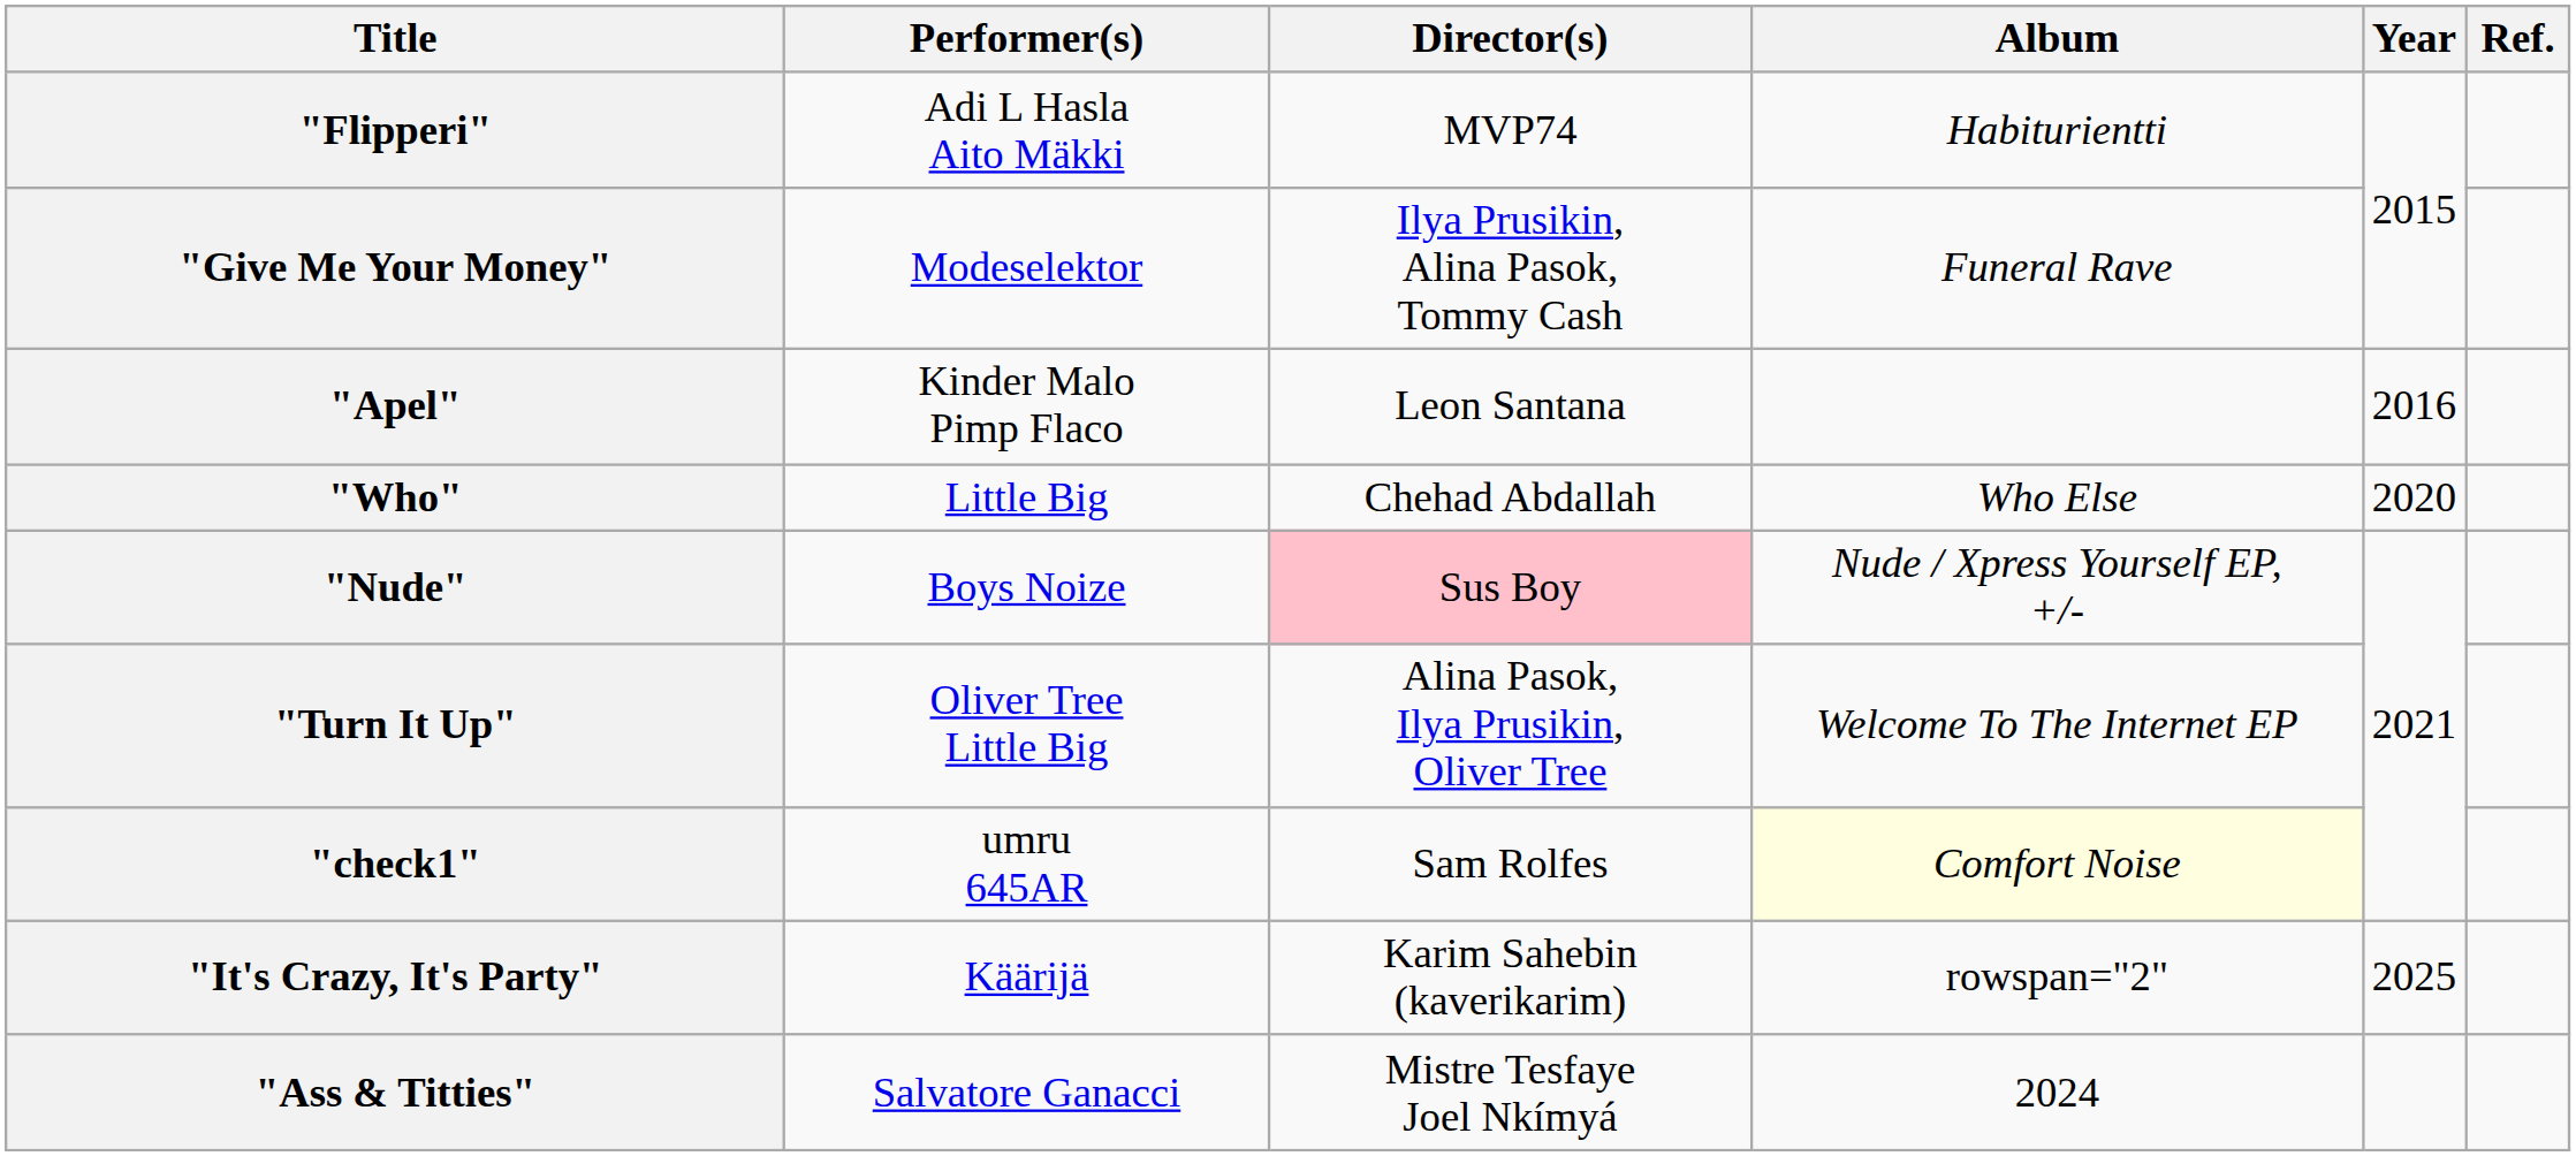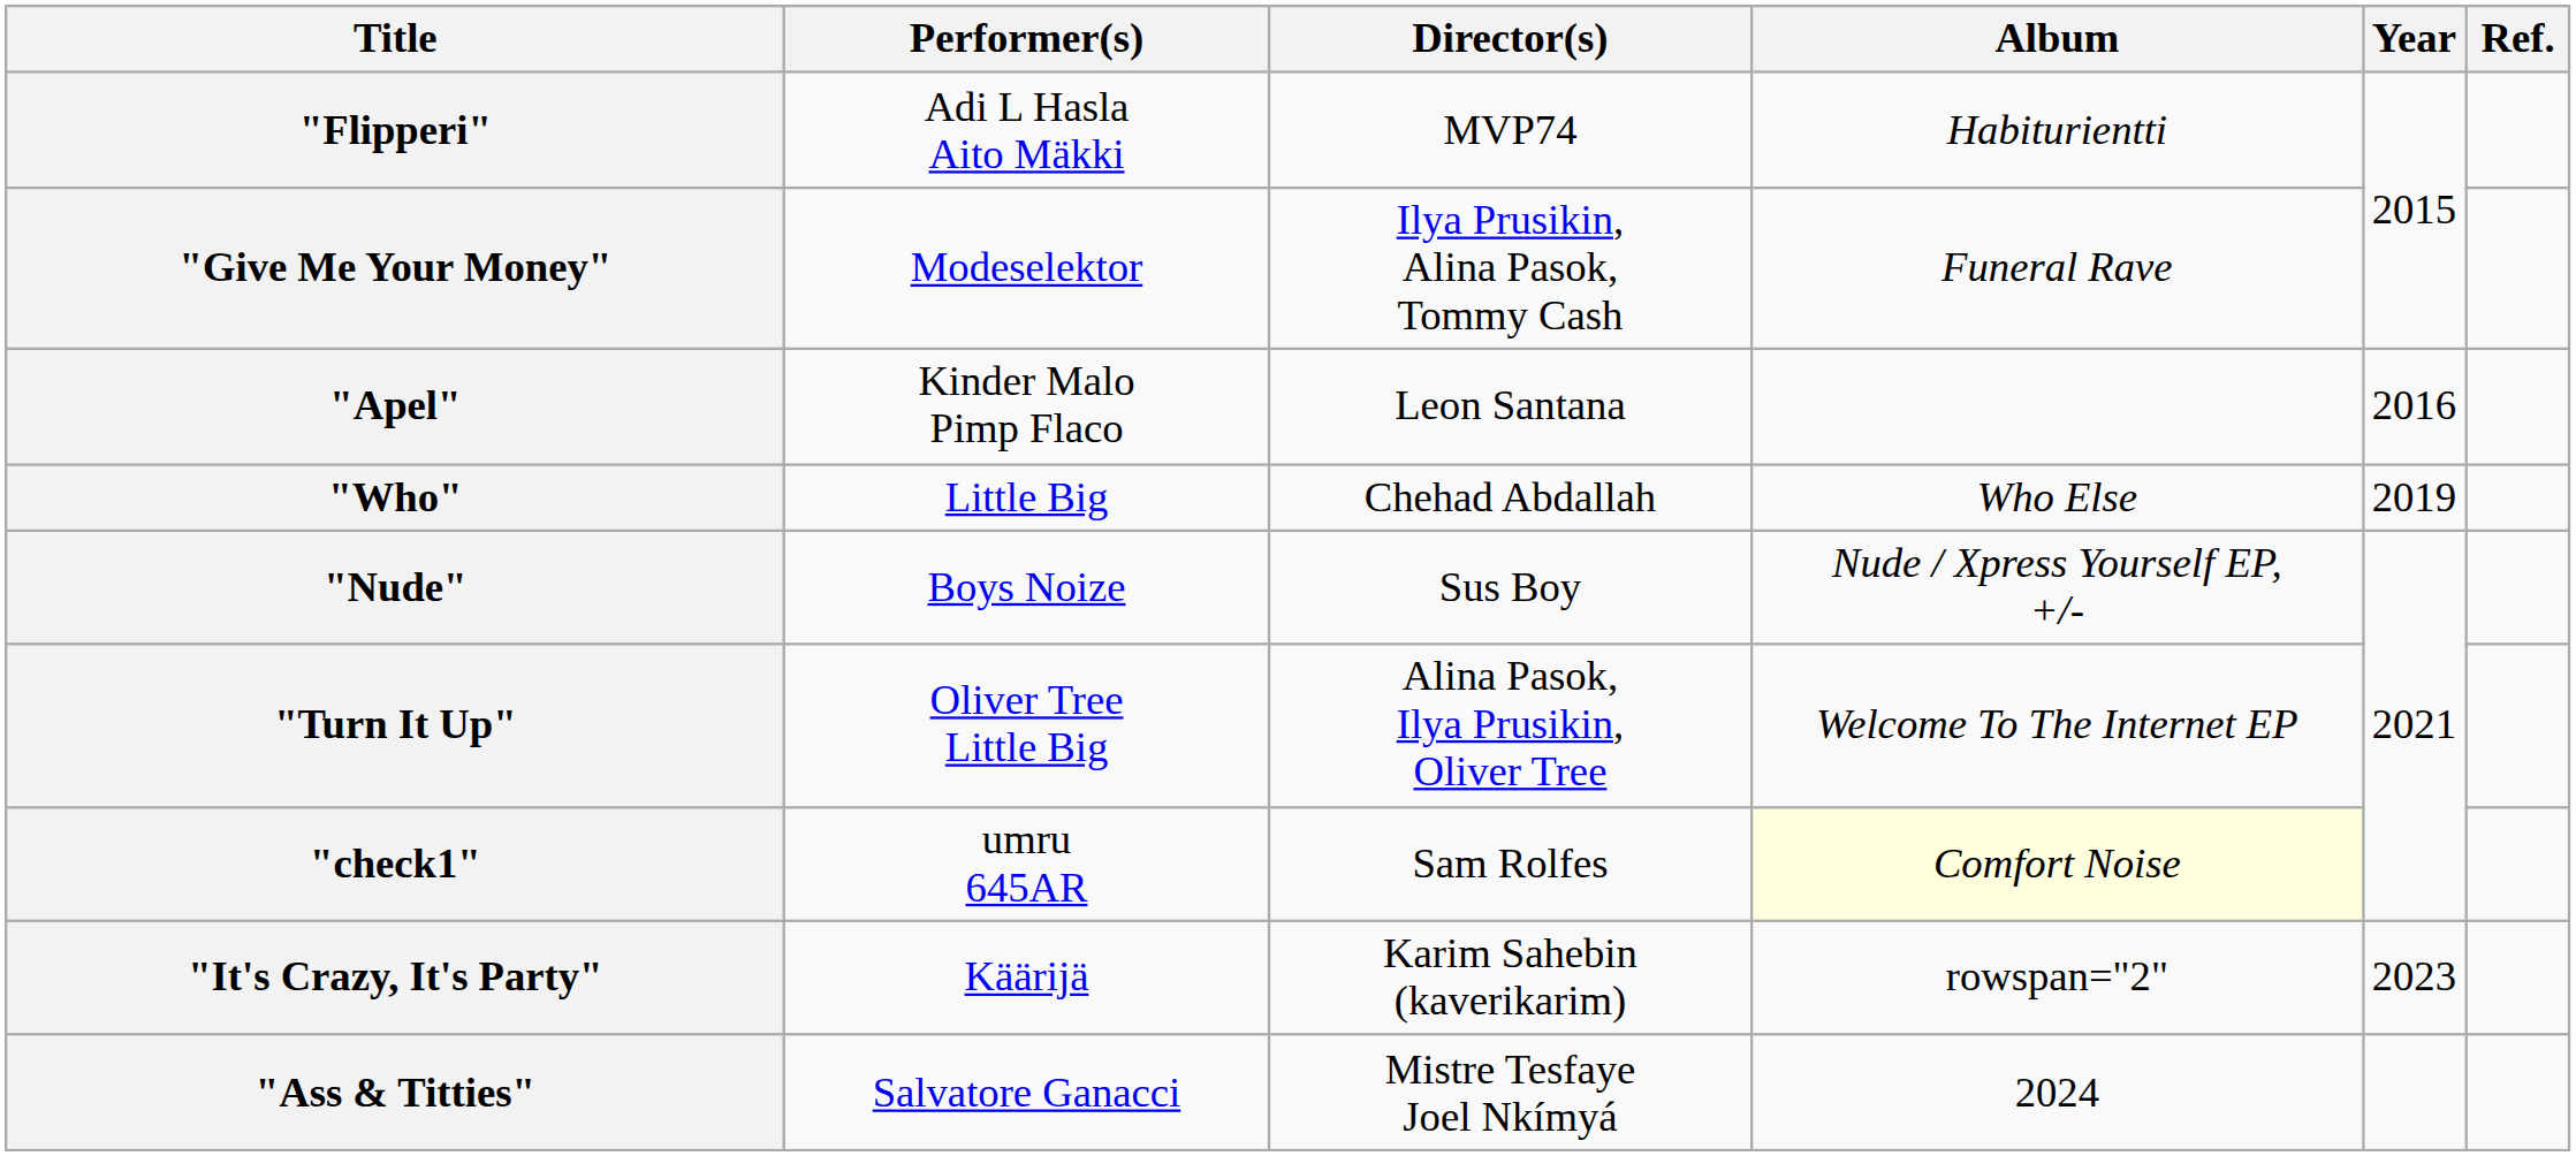 <table class="wikitable plainrowheaders" style="text-align:center;">
 <tr>
 <th scope="col" style="width: 18em;">Title</th>
 <th scope="col" style="width: 11em;">Performer(s)</th>
 <th scope="col" style="width: 11em;">Director(s)</th>
 <th scope="col" style="width: 14em;">Album</th>
 <th scope="col" style="width: 2em;">Year</th>
 <th scope="col" style="width: 2em;" class="unsortable">Ref.</th>
 </tr>
 <tr>
 <th scope="row">"Flipperi"</th>
 <td>Adi L Hasla<br><a href='#'>Aito Mäkki</a></td>
 <td>MVP74</td>
 <td><em>Habiturientti</em></td>
 <td rowspan="2">2015</td>
 <td></td>
 </tr>
 <tr>
 <th scope="row">"Give Me Your Money"</th>
 <td><a href='#'>Modeselektor</a></td>
 <td><a href='#'>Ilya Prusikin</a>,<br>Alina Pasok,<br>Tommy Cash</td>
 <td><em>Funeral Rave</em></td>
 <td></td>
 </tr>
 <tr>
 <th scope="row">"Apel"</th>
 <td>Kinder Malo<br>Pimp Flaco</td>
 <td>Leon Santana</td>
 <td></td>
 <td>2016</td>
 <td></td>
 </tr>
 <tr>
 <th scope="row">"Who"</th>
 <td><a href='#'>Little Big</a></td>
 <td>Chehad Abdallah</td>
 <td><em>Who Else</em></td>
-<td>2020</td>
+<td>2019</td>
 <td></td>
 </tr>
 <tr>
 <th scope="row">"Nude"</th>
 <td><a href='#'>Boys Noize</a></td>
-<td style="background: pink;">Sus Boy</td>
+<td>Sus Boy</td>
 <td><em>Nude / Xpress Yourself EP,</em><br><em>+/-</em></td>
 <td rowspan="3">2021</td>
 <td></td>
 </tr>
 <tr>
 <th scope="row">"Turn It Up"</th>
 <td><a href='#'>Oliver Tree</a> <br><a href='#'>Little Big</a></td>
 <td>Alina Pasok,<br><a href='#'>Ilya Prusikin</a>,<br><a href='#'>Oliver Tree</a></td>
 <td><em>Welcome To The Internet</em> <em>EP</em></td>
 <td></td>
 </tr>
 <tr>
 <th scope="row">"check1"</th>
 <td>umru<br><a href='#'>645AR</a></td>
 <td>Sam Rolfes</td>
 <td style="background: lightyellow;"><em>Comfort Noise</em></td>
 <td></td>
 </tr>
 <tr>
 <th scope="row">"It's Crazy, It's Party"</th>
 <td><a href='#'>Käärijä</a></td>
 <td>Karim Sahebin (kaverikarim)</td>
 <td>rowspan="2" </td>
-<td>2025</td>
+<td>2023</td>
 <td></td>
 </tr>
 <tr>
 <th scope="row">"Ass & Titties"</th>
 <td><a href='#'>Salvatore Ganacci</a></td>
 <td>Mistre Tesfaye<br>Joel Nkímyá</td>
 <td>2024</td>
 <td></td>
 </tr>
 </table>
